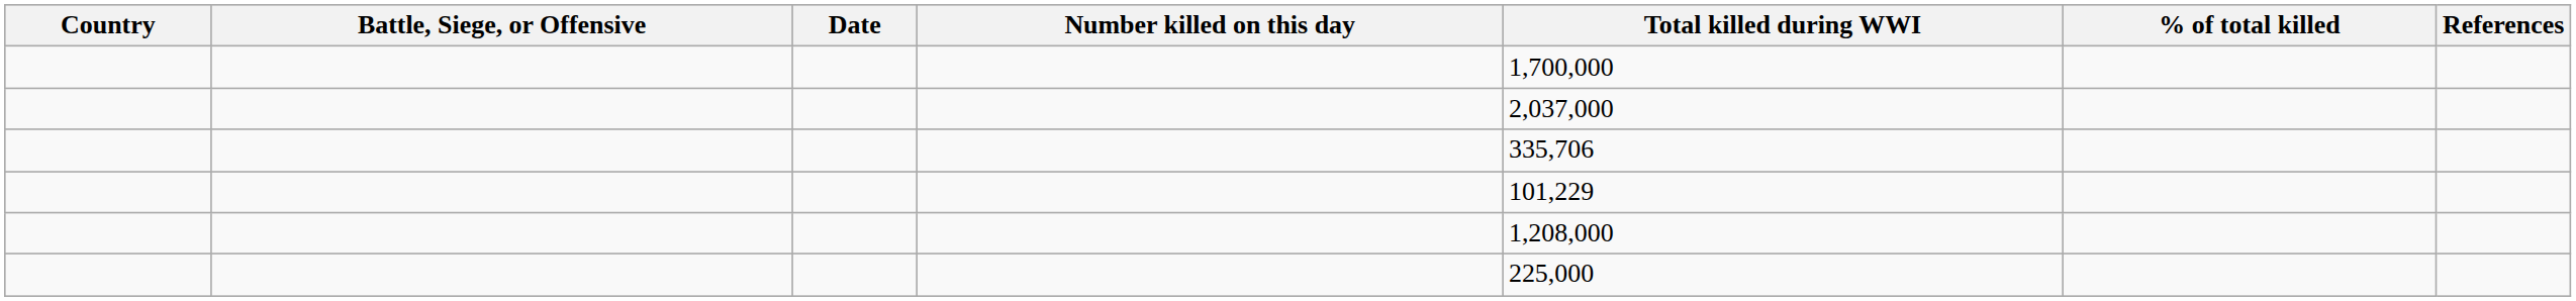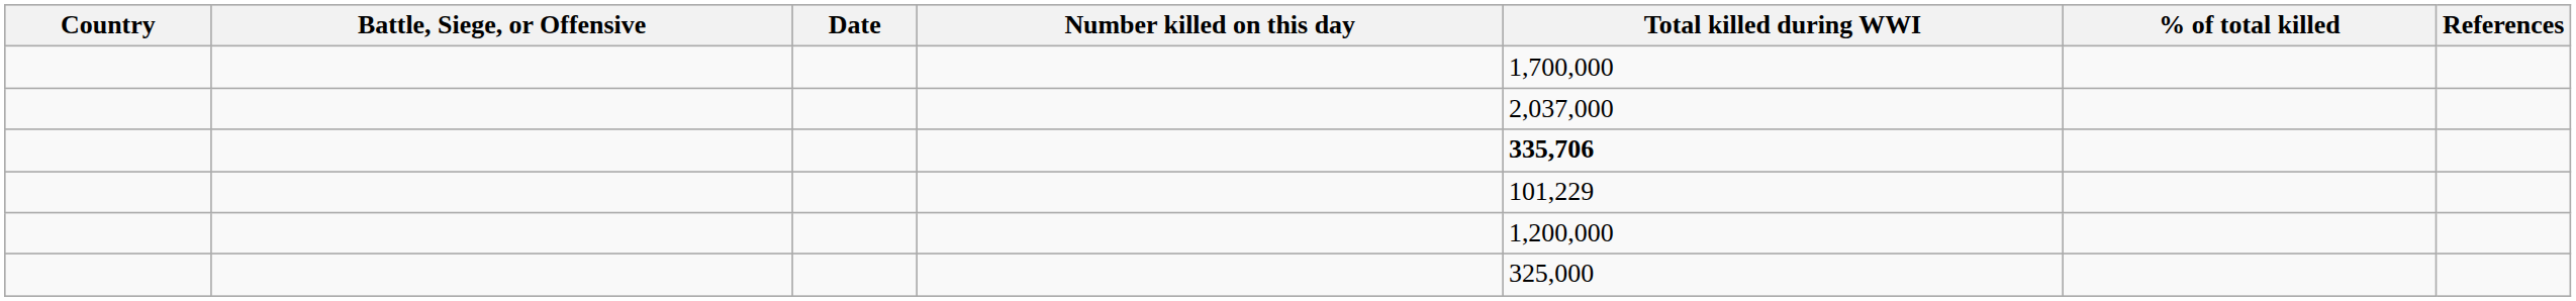 <table class="wikitable sortable">
 <tr>
 <th>Country</th>
 <th>Battle, Siege, or Offensive</th>
 <th>Date</th>
 <th data-sort-type="number">Number killed on this day</th>
 <th data-sort-type="number">Total killed during WWI</th>
 <th data-sort-type="number">% of total killed</th>
 <th style="width:5%;" class="unsortable">References</th>
 </tr>
 <tr>
 <td></td>
 <td></td>
 <td></td>
 <td></td>
 <td>1,700,000 </td>
 <td></td>
 <td></td>
 </tr>
 <tr>
 <td></td>
 <td></td>
 <td></td>
 <td></td>
 <td>2,037,000 </td>
 <td></td>
 <td></td>
 </tr>
 <tr>
 <td></td>
 <td></td>
 <td></td>
 <td></td>
-<td>335,706 </td>
+<td><strong>335,706 </strong></td>
 <td></td>
 <td></td>
 </tr>
 <tr>
 <td></td>
 <td></td>
 <td></td>
 <td></td>
 <td>101,229  </td>
 <td></td>
 <td></td>
 </tr>
 <tr>
 <td></td>
 <td></td>
 <td></td>
 <td></td>
-<td>1,208,000 </td>
+<td>1,200,000 </td>
 <td></td>
 <td></td>
 </tr>
 <tr>
 <td></td>
 <td></td>
 <td></td>
 <td></td>
-<td>225,000  </td>
+<td>325,000  </td>
 <td></td>
 <td></td>
 </tr>
 </table>
